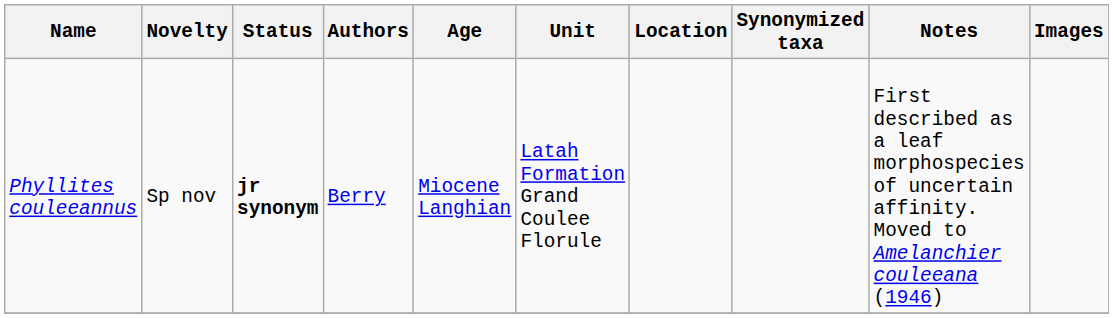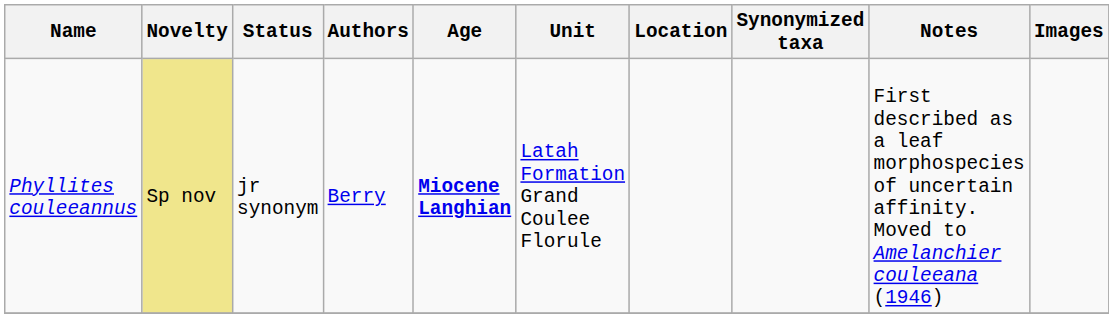 <table class="wikitable sortable" align="center" width="100%">
 <tr>
 <th>Name</th>
 <th>Novelty</th>
 <th>Status</th>
 <th>Authors</th>
 <th>Age</th>
 <th>Unit</th>
 <th>Location</th>
 <th>Synonymized taxa</th>
 <th>Notes</th>
 <th>Images</th>
 </tr>
 <tr>
 <td><br><em><a href='#'>Phyllites couleeannus</a></em></td>
-<td><br>Sp nov</td>
-<td><strong><br>jr synonym</strong></td>
+<td style="background: khaki;"><br>Sp nov</td>
+<td><br>jr synonym</td>
 <td><br><a href='#'>Berry</a></td>
-<td><br><a href='#'>Miocene</a><br><a href='#'>Langhian</a></td>
+<td><strong><br><a href='#'>Miocene</a><br><a href='#'>Langhian</a></strong></td>
 <td><br><a href='#'>Latah Formation</a><br>Grand Coulee Florule</td>
 <td><br><br></td>
 <td></td>
 <td><br>First described as a leaf morphospecies of uncertain affinity.<br>Moved to <em><a href='#'>Amelanchier couleeana</a></em> (<a href='#'>1946</a>)</td>
 <td><br></td>
 </tr>
 <tr>
 </tr>
 </table>
